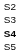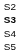 <table>
 <tr>
 <td>S2</td>
 <td></td>
 <td></td>
 <td></td>
 </tr>
 <tr>
-<td>S3</td>
+<td><strong>S3</strong></td>
 <td></td>
 <td></td>
 <td></td>
 </tr>
 <tr>
-<td><strong>S4</strong></td>
+<td>S4</td>
 <td></td>
 <td></td>
 <td></td>
 </tr>
 <tr>
 <td>S5</td>
 <td></td>
 <td></td>
 <td></td>
 </tr>
 </table>
